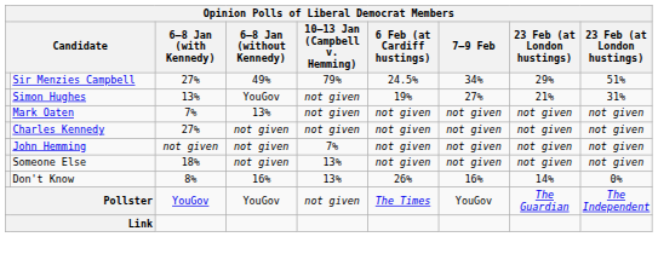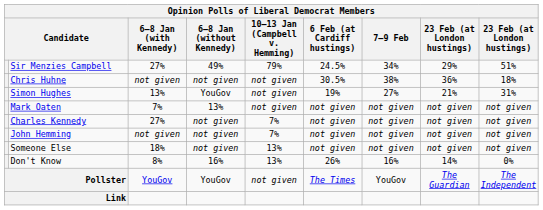 <table class=wikitable style="font-size:95%">
 <tr>
 <th colspan="9">Opinion Polls of Liberal Democrat Members</th>
 </tr>
 <tr>
 <th colspan="2" style="width: 170px">Candidate</th>
 <th style="width: 80px">6–8 Jan (with Kennedy)</th>
 <th style="width: 80px">6–8 Jan (without Kennedy)</th>
 <th style="width: 80px">10–13 Jan (Campbell v. Hemming)</th>
 <th style="width: 80px">6 Feb (at Cardiff hustings)</th>
 <th style="width: 80px">7–9 Feb</th>
 <th style="width: 80px">23 Feb (at London hustings)</th>
 <th style="width: 80px">23 Feb (at London hustings)</th>
 </tr>
 <tr>
 <th style="background-color: "></th>
 <td style="width: 170px"><a href='#'>Sir Menzies Campbell</a></td>
 <td style="text-align:center;">27%</td>
 <td style="text-align:center;">49%</td>
 <td style="text-align:center;">79%</td>
 <td style="text-align:center;">24.5%</td>
 <td style="text-align:center;">34%</td>
 <td style="text-align:center;">29%</td>
 <td style="text-align:center;">51%</td>
+</tr>
+<tr>
+<th style="background-color: "></th>
+<td style="width: 170px"><a href='#'>Chris Huhne</a></td>
+<td style="text-align:center;"><em>not given</em></td>
+<td style="text-align:center;"><em>not given</em></td>
+<td style="text-align:center;"><em>not given</em></td>
+<td style="text-align:center;">30.5%</td>
+<td style="text-align:center;">38%</td>
+<td style="text-align:center;">36%</td>
+<td style="text-align:center;">18%</td>
 </tr>
 <tr>
 <th style="background-color: "></th>
 <td style="width: 170px"><a href='#'>Simon Hughes</a></td>
 <td style="text-align:center;">13%</td>
 <td style="text-align:center;">YouGov</td>
 <td style="text-align:center;"><em>not given</em></td>
 <td style="text-align:center;">19%</td>
 <td style="text-align:center;">27%</td>
 <td style="text-align:center;">21%</td>
 <td style="text-align:center;">31%</td>
 </tr>
 <tr>
 <th style="background-color: "></th>
 <td style="width: 170px"><a href='#'>Mark Oaten</a></td>
 <td style="text-align:center;">7%</td>
 <td style="text-align:center;">13%</td>
 <td style="text-align:center;"><em>not given</em></td>
 <td style="text-align:center;"><em>not given</em></td>
 <td style="text-align:center;"><em>not given</em></td>
 <td style="text-align:center;"><em>not given</em></td>
 <td style="text-align:center;"><em>not given</em></td>
 </tr>
 <tr>
 <th style="background-color: "></th>
 <td style="width: 170px"><a href='#'>Charles Kennedy</a></td>
 <td style="text-align:center;">27%</td>
 <td style="text-align:center;"><em>not given</em></td>
-<td style="text-align:center;"><em>not given</em></td>
+<td style="text-align:center;">7%</td>
 <td style="text-align:center;"><em>not given</em></td>
 <td style="text-align:center;"><em>not given</em></td>
 <td style="text-align:center;"><em>not given</em></td>
 <td style="text-align:center;"><em>not given</em></td>
 </tr>
 <tr>
 <th style="background-color: "></th>
 <td style="width: 170px"><a href='#'>John Hemming</a></td>
 <td style="text-align:center;"><em>not given</em></td>
 <td style="text-align:center;"><em>not given</em></td>
 <td style="text-align:center;">7%</td>
 <td style="text-align:center;"><em>not given</em></td>
 <td style="text-align:center;"><em>not given</em></td>
 <td style="text-align:center;"><em>not given</em></td>
 <td style="text-align:center;"><em>not given</em></td>
 </tr>
 <tr>
 <th style="background-color: "></th>
 <td style="width: 170px">Someone Else</td>
 <td style="text-align:center;">18%</td>
 <td style="text-align:center;"><em>not given</em></td>
 <td style="text-align:center;">13%</td>
 <td style="text-align:center;"><em>not given</em></td>
 <td style="text-align:center;"><em>not given</em></td>
 <td style="text-align:center;"><em>not given</em></td>
 <td style="text-align:center;"><em>not given</em></td>
 </tr>
 <tr>
 <th style="background-color: "></th>
 <td style="width: 170px">Don't Know</td>
 <td style="text-align:center;">8%</td>
 <td style="text-align:center;">16%</td>
 <td style="text-align:center;">13%</td>
 <td style="text-align:center;">26%</td>
 <td style="text-align:center;">16%</td>
 <td style="text-align:center;">14%</td>
 <td style="text-align:center;">0%</td>
 </tr>
 <tr>
 <th colspan="2" style="text-align:right;">Pollster</th>
 <td style="text-align:center;"><a href='#'>YouGov</a></td>
 <td style="text-align:center;">YouGov</td>
 <td style="text-align:center;"><em>not given</em></td>
 <td style="text-align:center;"><em><a href='#'>The Times</a></em></td>
 <td style="text-align:center;">YouGov</td>
 <td style="text-align:center;"><em><a href='#'>The Guardian</a></em></td>
 <td style="text-align:center;"><em><a href='#'>The Independent</a></em></td>
 </tr>
 <tr>
 <th colspan="2" style="text-align:right;">Link</th>
 <td style="text-align:center;"></td>
 <td style="text-align:center;"></td>
 <td style="text-align:center;"></td>
 <td style="text-align:center;"></td>
 <td style="text-align:center;"></td>
 <td style="text-align:center;"></td>
 <td style="text-align:center;"></td>
 </tr>
 </table>
